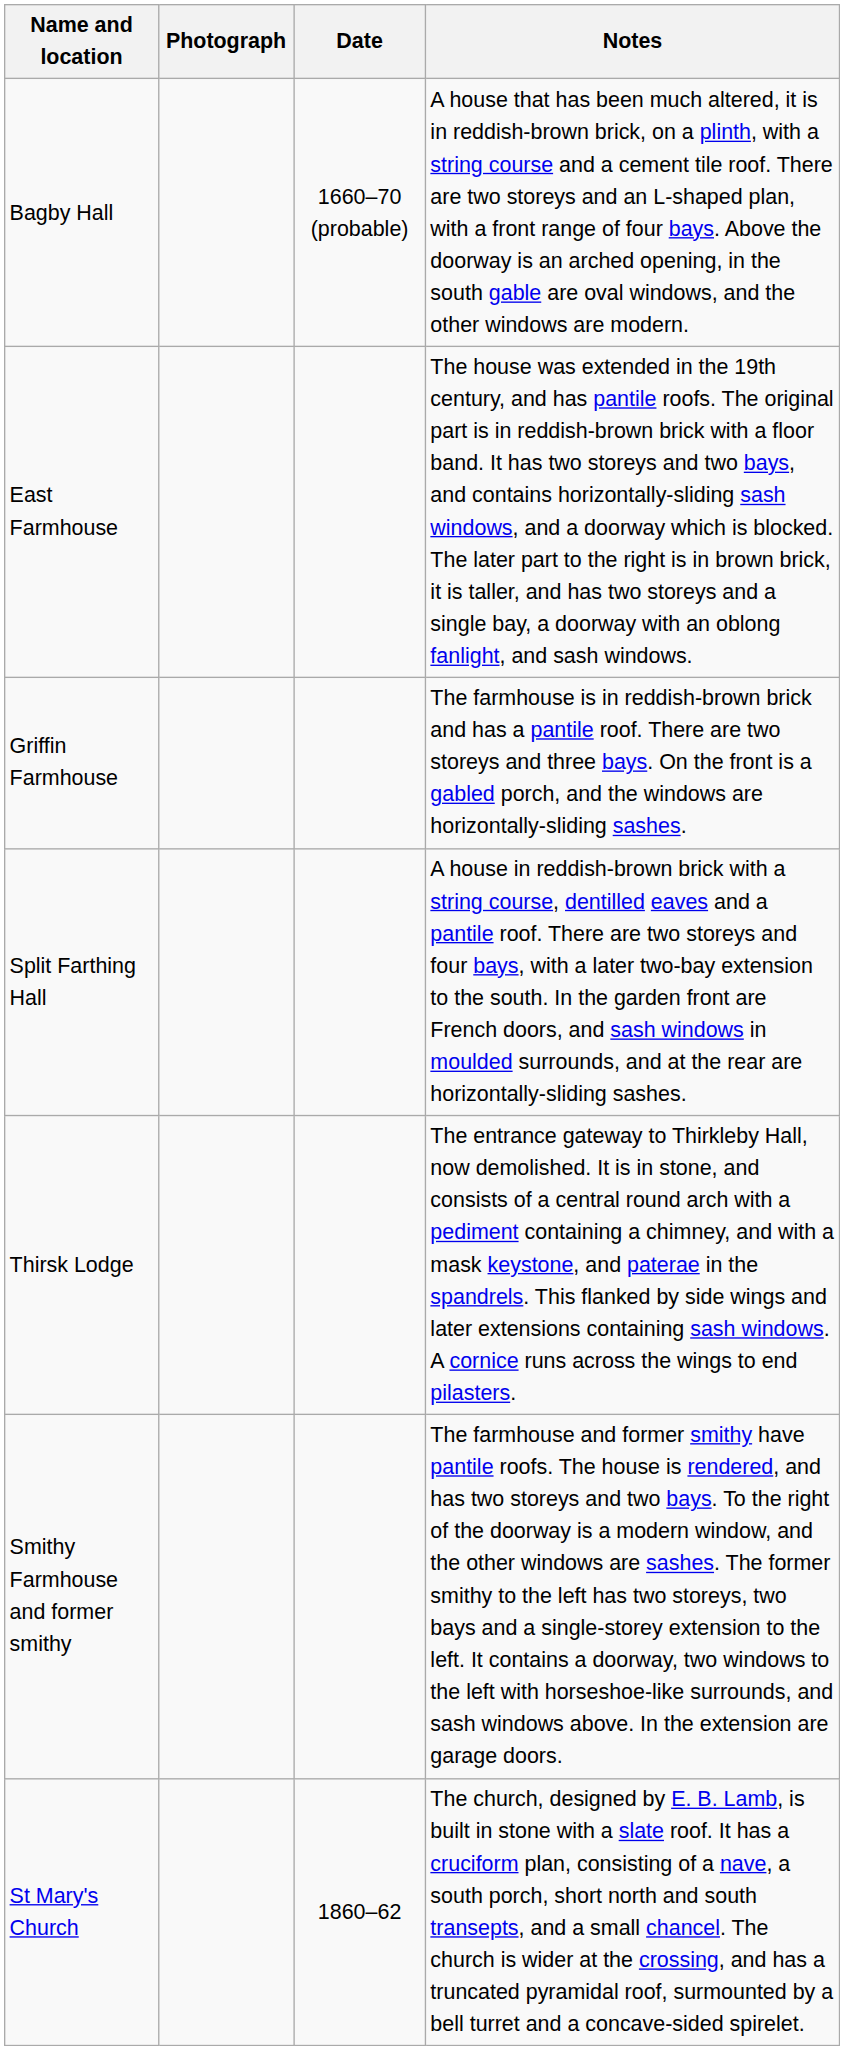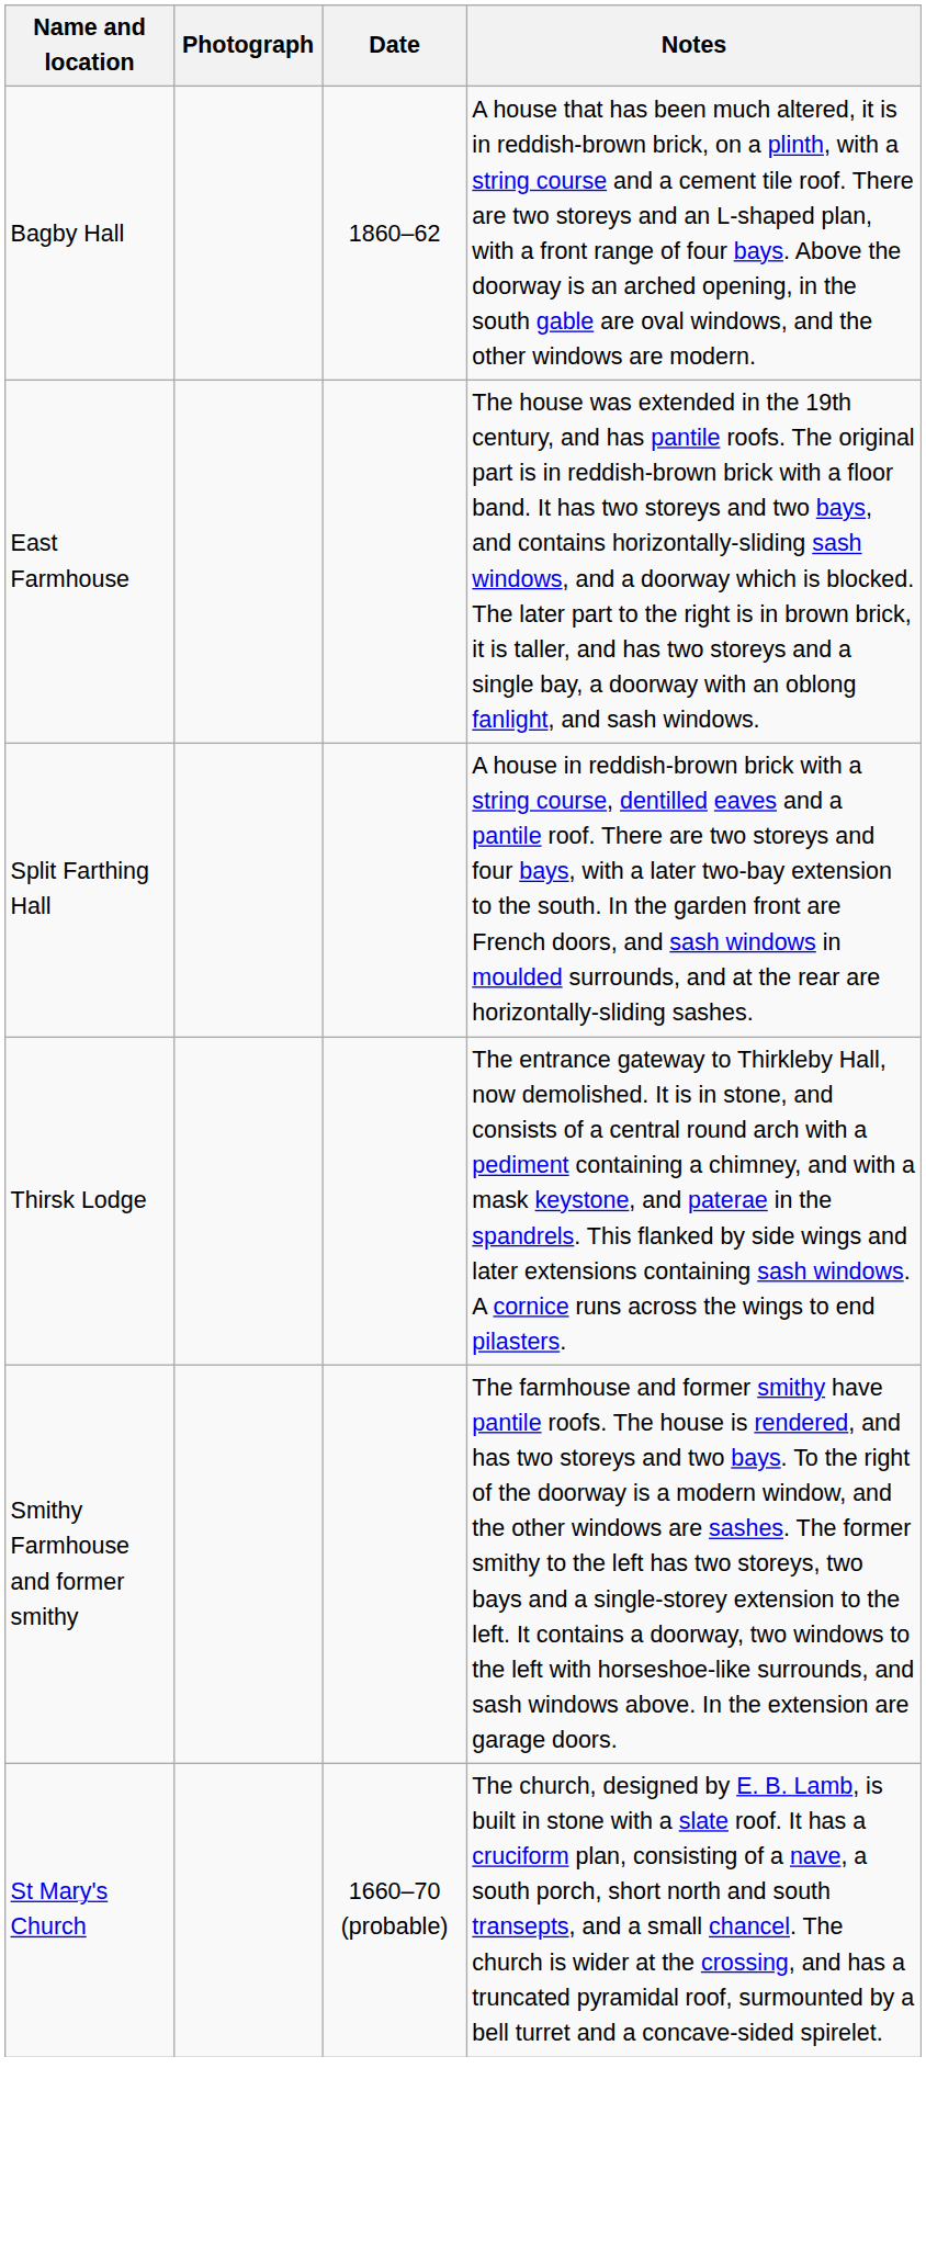 <table class="wikitable sortable plainrowheaders" style="width:100%;border:0px;text-align:left;line-height:150%;">
 <tr>
 <th scope="col"  style="width:150px">Name and location</th>
 <th scope="col"  style="width:100px" class="unsortable">Photograph</th>
 <th scope="col"  style="width:120px">Date</th>
 <th scope="col"  style="width:650px" class="unsortable">Notes</th>
 </tr>
 <tr>
 <td>Bagby Hall<br><small></small></td>
 <td></td>
-<td align="center">1660–70 (probable)</td>
+<td align="center">1860–62</td>
 <td>A house that has been much altered, it is in reddish-brown brick, on a <a href='#'>plinth</a>, with a <a href='#'>string course</a> and a cement tile roof.  There are two storeys and an L-shaped plan, with a front range of four <a href='#'>bays</a>.  Above the doorway is an arched opening, in the south <a href='#'>gable</a> are oval windows, and the other windows are modern.</td>
 </tr>
 <tr>
 <td>East Farmhouse<br><small></small></td>
 <td></td>
 <td align="center"></td>
 <td>The house was extended in the 19th century, and has <a href='#'>pantile</a> roofs.  The original part is in reddish-brown brick with a floor band.  It has two storeys and two <a href='#'>bays</a>, and contains horizontally-sliding <a href='#'>sash windows</a>, and a doorway which is blocked.  The later part to the right is in brown brick, it is taller, and has two storeys and a single bay, a doorway with an oblong <a href='#'>fanlight</a>, and sash windows.</td>
-</tr>
-<tr>
-<td>Griffin Farmhouse<br><small></small></td>
-<td></td>
-<td align="center"></td>
-<td>The farmhouse is in reddish-brown brick and has a <a href='#'>pantile</a> roof.  There are two storeys and three <a href='#'>bays</a>.  On the front is a <a href='#'>gabled</a> porch, and the windows are horizontally-sliding <a href='#'>sashes</a>.</td>
 </tr>
 <tr>
 <td>Split Farthing Hall<br><small></small></td>
 <td></td>
 <td align="center"></td>
 <td>A house in reddish-brown brick with a <a href='#'>string course</a>, <a href='#'>dentilled</a> <a href='#'>eaves</a> and a <a href='#'>pantile</a> roof.  There are two storeys and four <a href='#'>bays</a>, with a later two-bay extension to the south.  In the garden front are French doors, and <a href='#'>sash windows</a> in <a href='#'>moulded</a> surrounds, and at the rear are horizontally-sliding sashes.</td>
 </tr>
 <tr>
 <td>Thirsk Lodge<br><small></small></td>
 <td></td>
 <td align="center"></td>
 <td>The entrance gateway to Thirkleby Hall, now demolished.  It is in stone, and consists of a central round arch with a <a href='#'>pediment</a> containing a chimney, and with a mask <a href='#'>keystone</a>, and <a href='#'>paterae</a> in the <a href='#'>spandrels</a>.  This flanked by side wings and later extensions containing <a href='#'>sash windows</a>.  A <a href='#'>cornice</a> runs across the wings to end <a href='#'>pilasters</a>.</td>
 </tr>
 <tr>
 <td>Smithy Farmhouse and former smithy<br><small></small></td>
 <td></td>
 <td align="center"></td>
 <td>The farmhouse and former <a href='#'>smithy</a> have <a href='#'>pantile</a> roofs.  The house is <a href='#'>rendered</a>, and has two storeys and two <a href='#'>bays</a>.  To the right of the doorway is a modern window, and the other windows are <a href='#'>sashes</a>.  The former smithy to the left has two storeys, two bays and a single-storey extension to the left.  It contains a doorway, two windows to the left with horseshoe-like surrounds, and sash windows above.  In the extension are garage doors.</td>
 </tr>
 <tr>
 <td><a href='#'>St Mary's Church</a><br><small></small></td>
 <td></td>
-<td align="center">1860–62</td>
+<td align="center">1660–70 (probable)</td>
 <td>The church, designed by <a href='#'>E. B. Lamb</a>, is built in stone with a <a href='#'>slate</a> roof.  It has a <a href='#'>cruciform</a> plan, consisting of a <a href='#'>nave</a>, a south porch, short north and south <a href='#'>transepts</a>, and a small <a href='#'>chancel</a>.  The church is wider at the <a href='#'>crossing</a>, and has a truncated pyramidal roof, surmounted by a bell turret and a concave-sided spirelet.</td>
 </tr>
 <tr>
 </tr>
 </table>
